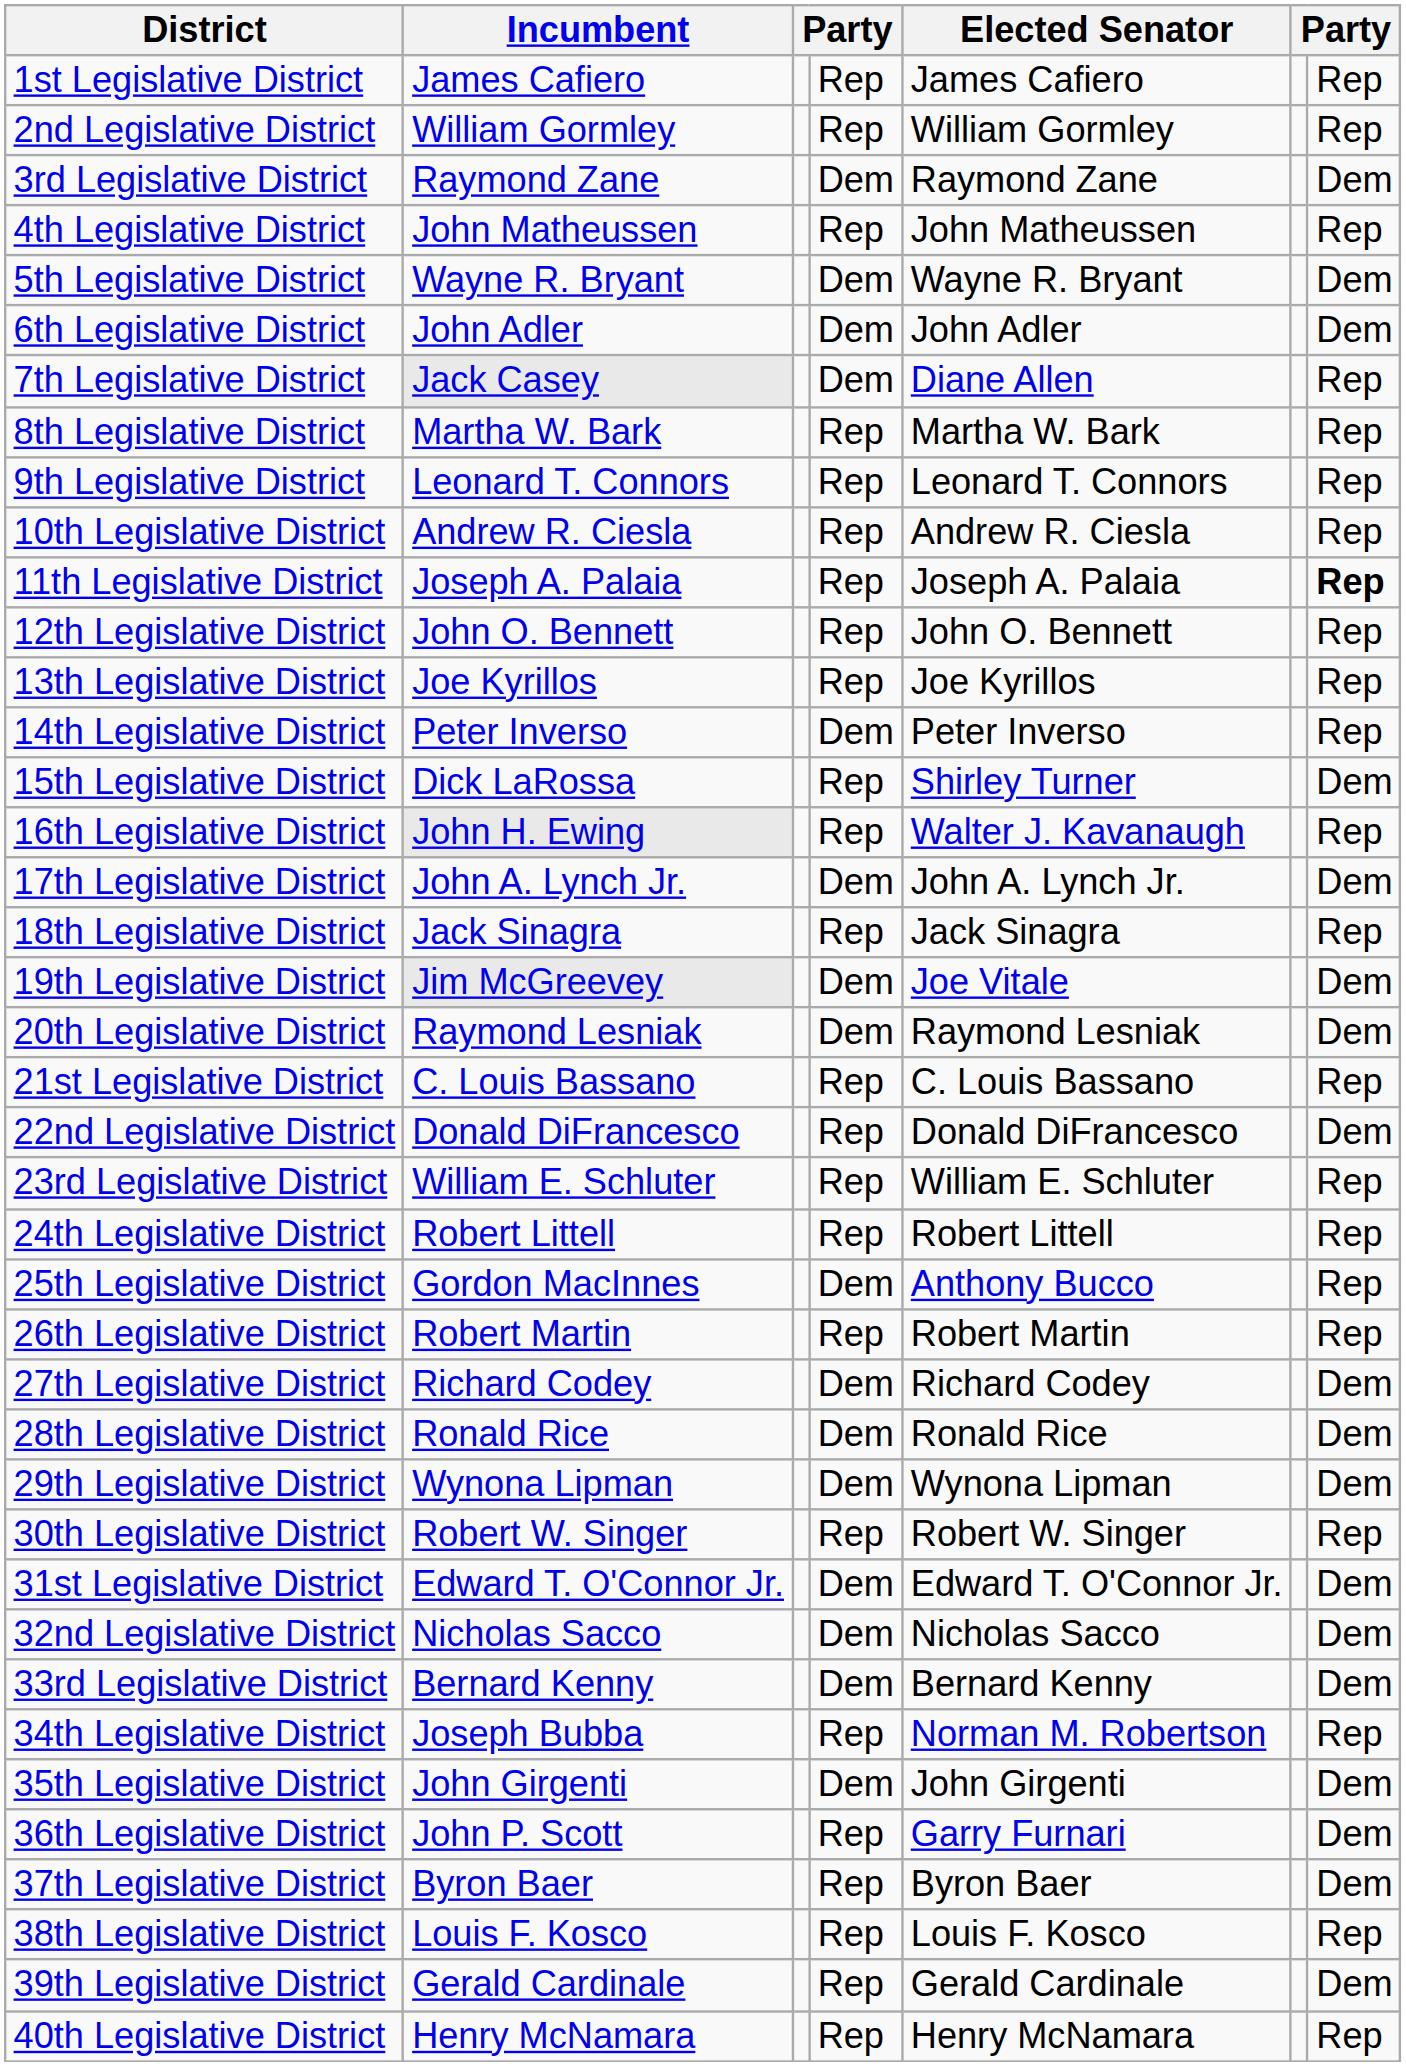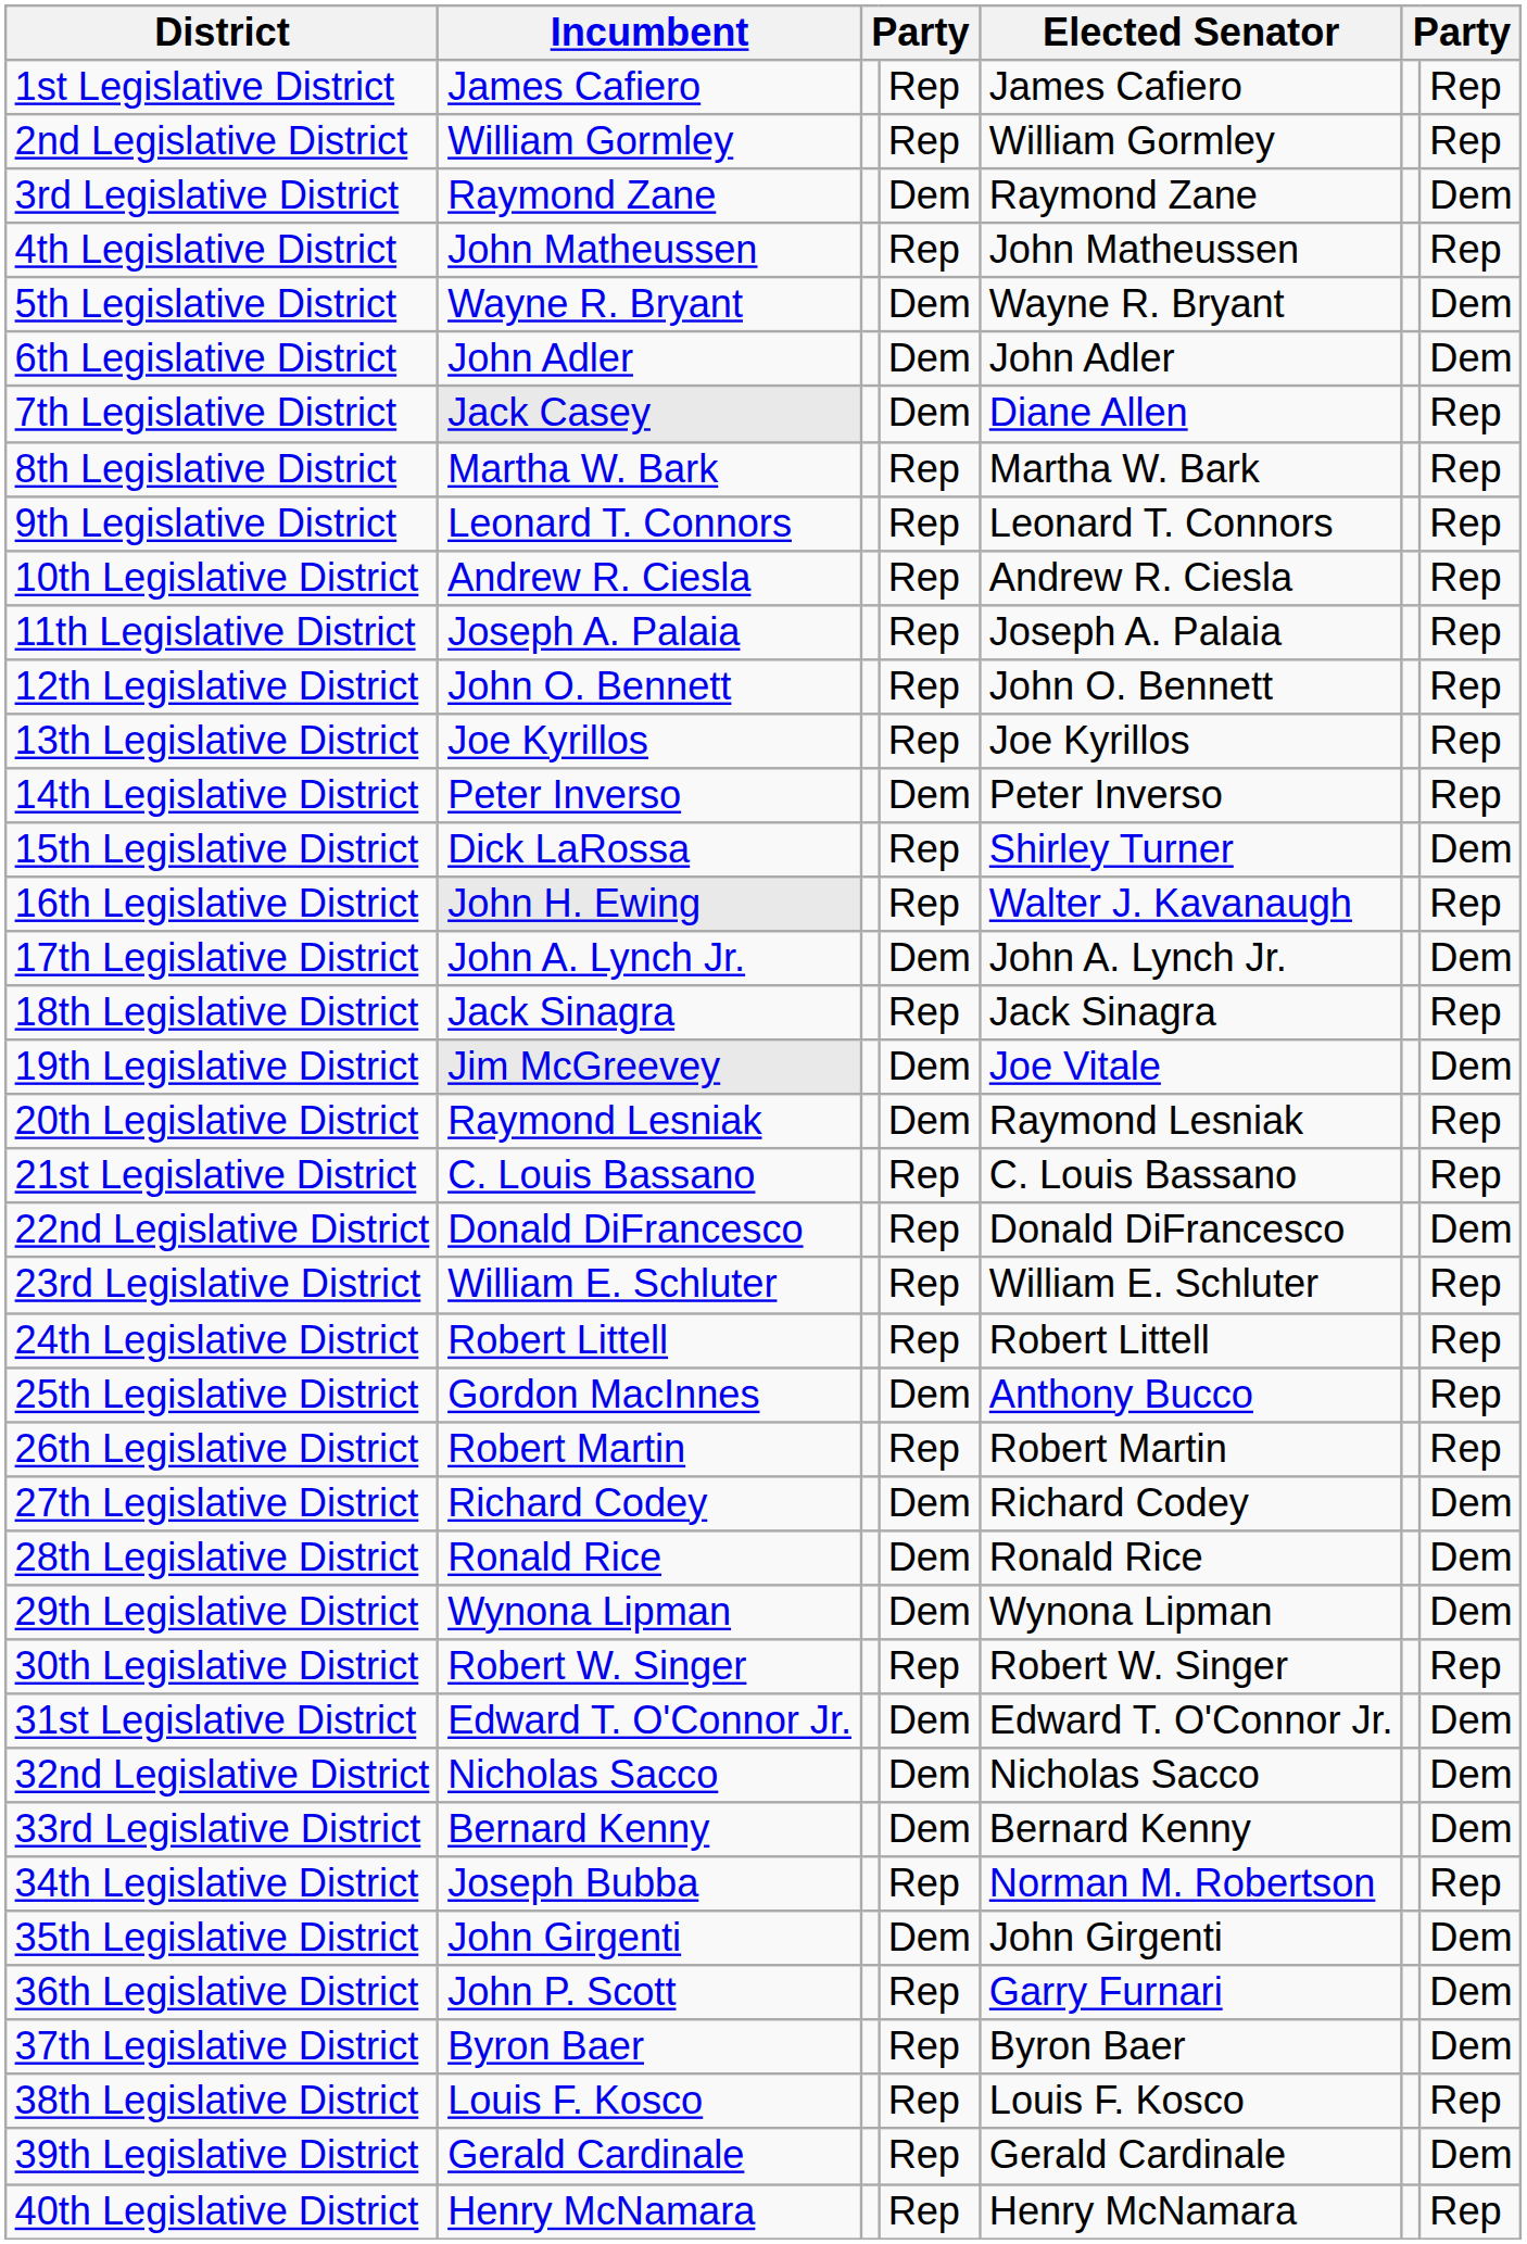 <table class="sortable wikitable" style="font-size:95%;line-height:14px;">
 <tr>
 <th>District</th>
 <th class="unsortable"><a href='#'>Incumbent</a></th>
 <th colspan="2">Party</th>
 <th class="unsortable">Elected Senator</th>
 <th colspan="2">Party</th>
 </tr>
 <tr>
 <td><a href='#'>1st Legislative District</a></td>
 <td><a href='#'>James Cafiero</a></td>
 <td style="background:"></td>
 <td>Rep</td>
 <td>James Cafiero</td>
 <td style="background:"></td>
 <td>Rep</td>
 </tr>
 <tr>
 <td><a href='#'>2nd Legislative District</a></td>
 <td><a href='#'>William Gormley</a></td>
 <td style="background:"></td>
 <td>Rep</td>
 <td>William Gormley</td>
 <td style="background:"></td>
 <td>Rep</td>
 </tr>
 <tr>
 <td><a href='#'>3rd Legislative District</a></td>
 <td><a href='#'>Raymond Zane</a></td>
 <td style="background:"></td>
 <td>Dem</td>
 <td>Raymond Zane</td>
 <td style="background:"></td>
 <td>Dem</td>
 </tr>
 <tr>
 <td><a href='#'>4th Legislative District</a></td>
 <td><a href='#'>John Matheussen</a></td>
 <td style="background:"></td>
 <td>Rep</td>
 <td>John Matheussen</td>
 <td style="background:"></td>
 <td>Rep</td>
 </tr>
 <tr>
 <td><a href='#'>5th Legislative District</a></td>
 <td><a href='#'>Wayne R. Bryant</a></td>
 <td style="background:"></td>
 <td>Dem</td>
 <td>Wayne R. Bryant</td>
 <td style="background:"></td>
 <td>Dem</td>
 </tr>
 <tr>
 <td><a href='#'>6th Legislative District</a></td>
 <td><a href='#'>John Adler</a></td>
 <td style="background:"></td>
 <td>Dem</td>
 <td>John Adler</td>
 <td style="background:"></td>
 <td>Dem</td>
 </tr>
 <tr>
 <td><a href='#'>7th Legislative District</a></td>
 <td style="background:#E9E9E9;"><a href='#'>Jack Casey</a></td>
 <td style="background:"></td>
 <td>Dem</td>
 <td><a href='#'>Diane Allen</a></td>
 <td style="background:"></td>
 <td>Rep</td>
 </tr>
 <tr>
 <td><a href='#'>8th Legislative District</a></td>
 <td><a href='#'>Martha W. Bark</a></td>
 <td style="background:"></td>
 <td>Rep</td>
 <td>Martha W. Bark</td>
 <td style="background:"></td>
 <td>Rep</td>
 </tr>
 <tr>
 <td><a href='#'>9th Legislative District</a></td>
 <td><a href='#'>Leonard T. Connors</a></td>
 <td style="background:"></td>
 <td>Rep</td>
 <td>Leonard T. Connors</td>
 <td style="background:"></td>
 <td>Rep</td>
 </tr>
 <tr>
 <td><a href='#'>10th Legislative District</a></td>
 <td><a href='#'>Andrew R. Ciesla</a></td>
 <td style="background:"></td>
 <td>Rep</td>
 <td>Andrew R. Ciesla</td>
 <td style="background:"></td>
 <td>Rep</td>
 </tr>
 <tr>
 <td><a href='#'>11th Legislative District</a></td>
 <td><a href='#'>Joseph A. Palaia</a></td>
 <td style="background:"></td>
 <td>Rep</td>
 <td>Joseph A. Palaia</td>
 <td style="background:"></td>
-<td><strong>Rep</strong></td>
+<td>Rep</td>
 </tr>
 <tr>
 <td><a href='#'>12th Legislative District</a></td>
 <td><a href='#'>John O. Bennett</a></td>
 <td style="background:"></td>
 <td>Rep</td>
 <td>John O. Bennett</td>
 <td style="background:"></td>
 <td>Rep</td>
 </tr>
 <tr>
 <td><a href='#'>13th Legislative District</a></td>
 <td><a href='#'>Joe Kyrillos</a></td>
 <td style="background:"></td>
 <td>Rep</td>
 <td>Joe Kyrillos</td>
 <td style="background:"></td>
 <td>Rep</td>
 </tr>
 <tr>
 <td><a href='#'>14th Legislative District</a></td>
 <td><a href='#'>Peter Inverso</a></td>
 <td style="background:"></td>
 <td>Dem</td>
 <td>Peter Inverso</td>
 <td style="background:"></td>
 <td>Rep</td>
 </tr>
 <tr>
 <td><a href='#'>15th Legislative District</a></td>
 <td><a href='#'>Dick LaRossa</a></td>
 <td style="background:"></td>
 <td>Rep</td>
 <td><a href='#'>Shirley Turner</a></td>
 <td style="background:"></td>
 <td>Dem</td>
 </tr>
 <tr>
 <td><a href='#'>16th Legislative District</a></td>
 <td style="background:#E9E9E9;"><a href='#'>John H. Ewing</a></td>
 <td style="background:"></td>
 <td>Rep</td>
 <td><a href='#'>Walter J. Kavanaugh</a></td>
 <td style="background:"></td>
 <td>Rep</td>
 </tr>
 <tr>
 <td><a href='#'>17th Legislative District</a></td>
 <td><a href='#'>John A. Lynch Jr.</a></td>
 <td style="background:"></td>
 <td>Dem</td>
 <td>John A. Lynch Jr.</td>
 <td style="background:"></td>
 <td>Dem</td>
 </tr>
 <tr>
 <td><a href='#'>18th Legislative District</a></td>
 <td><a href='#'>Jack Sinagra</a></td>
 <td style="background:"></td>
 <td>Rep</td>
 <td>Jack Sinagra</td>
 <td style="background:"></td>
 <td>Rep</td>
 </tr>
 <tr>
 <td><a href='#'>19th Legislative District</a></td>
 <td style="background:#E9E9E9;"><a href='#'>Jim McGreevey</a></td>
 <td style="background:"></td>
 <td>Dem</td>
 <td><a href='#'>Joe Vitale</a></td>
 <td style="background:"></td>
 <td>Dem</td>
 </tr>
 <tr>
 <td><a href='#'>20th Legislative District</a></td>
 <td><a href='#'>Raymond Lesniak</a></td>
 <td style="background:"></td>
 <td>Dem</td>
 <td>Raymond Lesniak</td>
 <td style="background:"></td>
-<td>Dem</td>
+<td>Rep</td>
 </tr>
 <tr>
 <td><a href='#'>21st Legislative District</a></td>
 <td><a href='#'>C. Louis Bassano</a></td>
 <td style="background:"></td>
 <td>Rep</td>
 <td>C. Louis Bassano</td>
 <td style="background:"></td>
 <td>Rep</td>
 </tr>
 <tr>
 <td><a href='#'>22nd Legislative District</a></td>
 <td><a href='#'>Donald DiFrancesco</a></td>
 <td style="background:"></td>
 <td>Rep</td>
 <td>Donald DiFrancesco</td>
 <td style="background:"></td>
 <td>Dem</td>
 </tr>
 <tr>
 <td><a href='#'>23rd Legislative District</a></td>
 <td><a href='#'>William E. Schluter</a></td>
 <td style="background:"></td>
 <td>Rep</td>
 <td>William E. Schluter</td>
 <td style="background:"></td>
 <td>Rep</td>
 </tr>
 <tr>
 <td><a href='#'>24th Legislative District</a></td>
 <td><a href='#'>Robert Littell</a></td>
 <td style="background:"></td>
 <td>Rep</td>
 <td>Robert Littell</td>
 <td style="background:"></td>
 <td>Rep</td>
 </tr>
 <tr>
 <td><a href='#'>25th Legislative District</a></td>
 <td><a href='#'>Gordon MacInnes</a></td>
 <td style="background:"></td>
 <td>Dem</td>
 <td><a href='#'>Anthony Bucco</a></td>
 <td style="background:"></td>
 <td>Rep</td>
 </tr>
 <tr>
 <td><a href='#'>26th Legislative District</a></td>
 <td><a href='#'>Robert Martin</a></td>
 <td style="background:"></td>
 <td>Rep</td>
 <td>Robert Martin</td>
 <td style="background:"></td>
 <td>Rep</td>
 </tr>
 <tr>
 <td><a href='#'>27th Legislative District</a></td>
 <td><a href='#'>Richard Codey</a></td>
 <td style="background:"></td>
 <td>Dem</td>
 <td>Richard Codey</td>
 <td style="background:"></td>
 <td>Dem</td>
 </tr>
 <tr>
 <td><a href='#'>28th Legislative District</a></td>
 <td><a href='#'>Ronald Rice</a></td>
 <td style="background:"></td>
 <td>Dem</td>
 <td>Ronald Rice</td>
 <td style="background:"></td>
 <td>Dem</td>
 </tr>
 <tr>
 <td><a href='#'>29th Legislative District</a></td>
 <td><a href='#'>Wynona Lipman</a></td>
 <td style="background:"></td>
 <td>Dem</td>
 <td>Wynona Lipman</td>
 <td style="background:"></td>
 <td>Dem</td>
 </tr>
 <tr>
 <td><a href='#'>30th Legislative District</a></td>
 <td><a href='#'>Robert W. Singer</a></td>
 <td style="background:"></td>
 <td>Rep</td>
 <td>Robert W. Singer</td>
 <td style="background:"></td>
 <td>Rep</td>
 </tr>
 <tr>
 <td><a href='#'>31st Legislative District</a></td>
 <td><a href='#'>Edward T. O'Connor Jr.</a></td>
 <td style="background:"></td>
 <td>Dem</td>
 <td>Edward T. O'Connor Jr.</td>
 <td style="background:"></td>
 <td>Dem</td>
 </tr>
 <tr>
 <td><a href='#'>32nd Legislative District</a></td>
 <td><a href='#'>Nicholas Sacco</a></td>
 <td style="background:"></td>
 <td>Dem</td>
 <td>Nicholas Sacco</td>
 <td style="background:"></td>
 <td>Dem</td>
 </tr>
 <tr>
 <td><a href='#'>33rd Legislative District</a></td>
 <td><a href='#'>Bernard Kenny</a></td>
 <td style="background:"></td>
 <td>Dem</td>
 <td>Bernard Kenny</td>
 <td style="background:"></td>
 <td>Dem</td>
 </tr>
 <tr>
 <td><a href='#'>34th Legislative District</a></td>
 <td><a href='#'>Joseph Bubba</a></td>
 <td style="background:"></td>
 <td>Rep</td>
 <td><a href='#'>Norman M. Robertson</a></td>
 <td style="background:"></td>
 <td>Rep</td>
 </tr>
 <tr>
 <td><a href='#'>35th Legislative District</a></td>
 <td><a href='#'>John Girgenti</a></td>
 <td style="background:"></td>
 <td>Dem</td>
 <td>John Girgenti</td>
 <td style="background:"></td>
 <td>Dem</td>
 </tr>
 <tr>
 <td><a href='#'>36th Legislative District</a></td>
 <td><a href='#'>John P. Scott</a></td>
 <td style="background:"></td>
 <td>Rep</td>
 <td><a href='#'>Garry Furnari</a></td>
 <td style="background:"></td>
 <td>Dem</td>
 </tr>
 <tr>
 <td><a href='#'>37th Legislative District</a></td>
 <td><a href='#'>Byron Baer</a></td>
 <td style="background:"></td>
 <td>Rep</td>
 <td>Byron Baer</td>
 <td style="background:"></td>
 <td>Dem</td>
 </tr>
 <tr>
 <td><a href='#'>38th Legislative District</a></td>
 <td><a href='#'>Louis F. Kosco</a></td>
 <td style="background:"></td>
 <td>Rep</td>
 <td>Louis F. Kosco</td>
 <td style="background:"></td>
 <td>Rep</td>
 </tr>
 <tr>
 <td><a href='#'>39th Legislative District</a></td>
 <td><a href='#'>Gerald Cardinale</a></td>
 <td style="background:"></td>
 <td>Rep</td>
 <td>Gerald Cardinale</td>
 <td style="background:"></td>
 <td>Dem</td>
 </tr>
 <tr>
 <td><a href='#'>40th Legislative District</a></td>
 <td><a href='#'>Henry McNamara</a></td>
 <td style="background:"></td>
 <td>Rep</td>
 <td>Henry McNamara</td>
 <td style="background:"></td>
 <td>Rep</td>
 </tr>
 </table>
